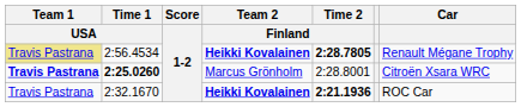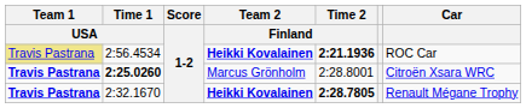 <table class="wikitable">
 <tr>
 <th>Team 1</th>
 <th>Time 1</th>
 <th>Score</th>
 <th>Team 2</th>
 <th>Time 2</th>
 <th></th>
 <th>Car</th>
 </tr>
 <tr>
 <th colspan=2> USA</th>
 <th rowspan=4>1-2</th>
 <th colspan=2> <strong>Finland</strong></th>
 <th></th>
 <th></th>
 </tr>
 <tr>
 <td style="background: khaki;"><a href='#'>Travis Pastrana</a></td>
 <td>2:56.4534</td>
 <td><strong><a href='#'>Heikki Kovalainen</a></strong></td>
-<td><strong>2:28.7805</strong></td>
+<td><strong>2:21.1936</strong></td>
 <th></th>
-<td><a href='#'>Renault Mégane Trophy</a></td>
+<td>ROC Car</td>
 </tr>
 <tr>
 <td><strong><a href='#'>Travis Pastrana</a></strong></td>
 <td><strong>2:25.0260</strong></td>
 <td><a href='#'>Marcus Grönholm</a></td>
 <td>2:28.8001</td>
 <th></th>
 <td><a href='#'>Citroën Xsara WRC</a></td>
 </tr>
 <tr>
-<td><a href='#'>Travis Pastrana</a></td>
+<td><strong><a href='#'>Travis Pastrana</a></strong></td>
 <td>2:32.1670</td>
 <td><strong><a href='#'>Heikki Kovalainen</a></strong></td>
-<td><strong>2:21.1936</strong></td>
+<td><strong>2:28.7805</strong></td>
 <th></th>
-<td>ROC Car</td>
+<td><a href='#'>Renault Mégane Trophy</a></td>
 </tr>
 </table>
